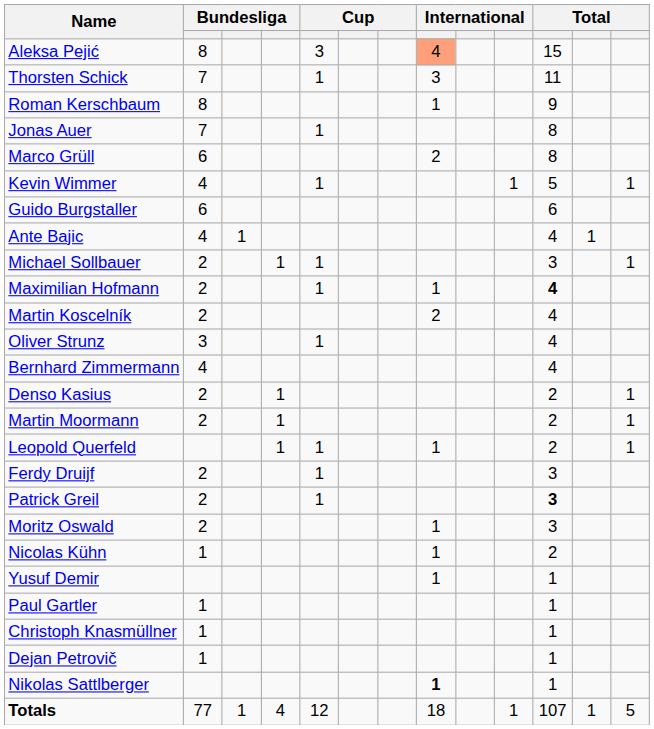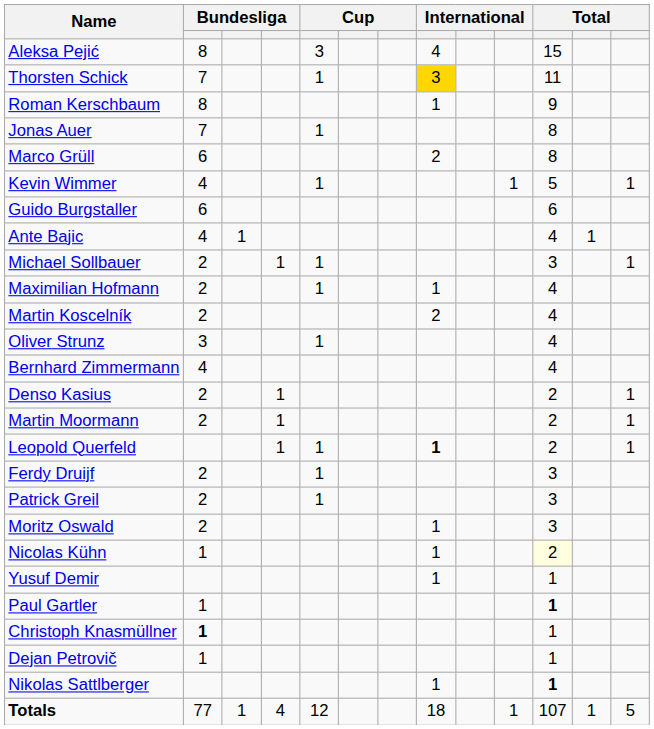 <table class="wikitable" style="text-align: center;">
 <tr>
 <th rowspan="2">Name</th>
 <th colspan="3">Bundesliga</th>
 <th colspan="3">Cup</th>
 <th colspan="3">International</th>
 <th colspan="3"><strong>Total</strong></th>
 </tr>
 <tr>
 <th width=30></th>
 <th width=30></th>
 <th width=30></th>
 <th width=30></th>
 <th width=30></th>
 <th width=30></th>
 <th width=30></th>
 <th width=30></th>
 <th width=30></th>
 <th width=30></th>
 <th width=30></th>
 <th width=30></th>
 </tr>
 <tr>
 <td align="left"> <a href='#'>Aleksa Pejić</a></td>
 <td>8</td>
 <td></td>
 <td></td>
 <td>3</td>
 <td></td>
 <td></td>
-<td style="background: lightsalmon;">4</td>
+<td>4</td>
 <td></td>
 <td></td>
 <td>15</td>
 <td></td>
 <td></td>
 </tr>
 <tr>
 <td align="left"> <a href='#'>Thorsten Schick</a></td>
 <td>7</td>
 <td></td>
 <td></td>
 <td>1</td>
 <td></td>
 <td></td>
-<td>3</td>
+<td style="background: gold;">3</td>
 <td></td>
 <td></td>
 <td>11</td>
 <td></td>
 <td></td>
 </tr>
 <tr>
 <td align="left"> <a href='#'>Roman Kerschbaum</a></td>
 <td>8</td>
 <td></td>
 <td></td>
 <td></td>
 <td></td>
 <td></td>
 <td>1</td>
 <td></td>
 <td></td>
 <td>9</td>
 <td></td>
 <td></td>
 </tr>
 <tr>
 <td align="left"> <a href='#'>Jonas Auer</a></td>
 <td>7</td>
 <td></td>
 <td></td>
 <td>1</td>
 <td></td>
 <td></td>
 <td></td>
 <td></td>
 <td></td>
 <td>8</td>
 <td></td>
 <td></td>
 </tr>
 <tr>
 <td align="left"> <a href='#'>Marco Grüll</a></td>
 <td>6</td>
 <td></td>
 <td></td>
 <td></td>
 <td></td>
 <td></td>
 <td>2</td>
 <td></td>
 <td></td>
 <td>8</td>
 <td></td>
 <td></td>
 </tr>
 <tr>
 <td align="left"> <a href='#'>Kevin Wimmer</a></td>
 <td>4</td>
 <td></td>
 <td></td>
 <td>1</td>
 <td></td>
 <td></td>
 <td></td>
 <td></td>
 <td>1</td>
 <td>5</td>
 <td></td>
 <td>1</td>
 </tr>
 <tr>
 <td align="left"> <a href='#'>Guido Burgstaller</a></td>
 <td>6</td>
 <td></td>
 <td></td>
 <td></td>
 <td></td>
 <td></td>
 <td></td>
 <td></td>
 <td></td>
 <td>6</td>
 <td></td>
 <td></td>
 </tr>
 <tr>
 <td align="left"> <a href='#'>Ante Bajic</a></td>
 <td>4</td>
 <td>1</td>
 <td></td>
 <td></td>
 <td></td>
 <td></td>
 <td></td>
 <td></td>
 <td></td>
 <td>4</td>
 <td>1</td>
 <td></td>
 </tr>
 <tr>
 <td align="left"> <a href='#'>Michael Sollbauer</a></td>
 <td>2</td>
 <td></td>
 <td>1</td>
 <td>1</td>
 <td></td>
 <td></td>
 <td></td>
 <td></td>
 <td></td>
 <td>3</td>
 <td></td>
 <td>1</td>
 </tr>
 <tr>
 <td align="left"> <a href='#'>Maximilian Hofmann</a></td>
 <td>2</td>
 <td></td>
 <td></td>
 <td>1</td>
 <td></td>
 <td></td>
 <td>1</td>
 <td></td>
 <td></td>
-<td><strong>4</strong></td>
+<td>4</td>
 <td></td>
 <td></td>
 </tr>
 <tr>
 <td align="left"> <a href='#'>Martin Koscelník</a></td>
 <td>2</td>
 <td></td>
 <td></td>
 <td></td>
 <td></td>
 <td></td>
 <td>2</td>
 <td></td>
 <td></td>
 <td>4</td>
 <td></td>
 <td></td>
 </tr>
 <tr>
 <td align="left"> <a href='#'>Oliver Strunz</a></td>
 <td>3</td>
 <td></td>
 <td></td>
 <td>1</td>
 <td></td>
 <td></td>
 <td></td>
 <td></td>
 <td></td>
 <td>4</td>
 <td></td>
 <td></td>
 </tr>
 <tr>
 <td align="left"> <a href='#'>Bernhard Zimmermann</a></td>
 <td>4</td>
 <td></td>
 <td></td>
 <td></td>
 <td></td>
 <td></td>
 <td></td>
 <td></td>
 <td></td>
 <td>4</td>
 <td></td>
 <td></td>
 </tr>
 <tr>
 <td align="left"> <a href='#'>Denso Kasius</a></td>
 <td>2</td>
 <td></td>
 <td>1</td>
 <td></td>
 <td></td>
 <td></td>
 <td></td>
 <td></td>
 <td></td>
 <td>2</td>
 <td></td>
 <td>1</td>
 </tr>
 <tr>
 <td align="left"> <a href='#'>Martin Moormann</a></td>
 <td>2</td>
 <td></td>
 <td>1</td>
 <td></td>
 <td></td>
 <td></td>
 <td></td>
 <td></td>
 <td></td>
 <td>2</td>
 <td></td>
 <td>1</td>
 </tr>
 <tr>
 <td align="left"> <a href='#'>Leopold Querfeld</a></td>
 <td></td>
 <td></td>
 <td>1</td>
 <td>1</td>
 <td></td>
 <td></td>
-<td>1</td>
+<td><strong>1</strong></td>
 <td></td>
 <td></td>
 <td>2</td>
 <td></td>
 <td>1</td>
 </tr>
 <tr>
 <td align="left"> <a href='#'>Ferdy Druijf</a></td>
 <td>2</td>
 <td></td>
 <td></td>
 <td>1</td>
 <td></td>
 <td></td>
 <td></td>
 <td></td>
 <td></td>
 <td>3</td>
 <td></td>
 <td></td>
 </tr>
 <tr>
 <td align="left"> <a href='#'>Patrick Greil</a></td>
 <td>2</td>
 <td></td>
 <td></td>
 <td>1</td>
 <td></td>
 <td></td>
 <td></td>
 <td></td>
 <td></td>
-<td><strong>3</strong></td>
+<td>3</td>
 <td></td>
 <td></td>
 </tr>
 <tr>
 <td align="left"> <a href='#'>Moritz Oswald</a></td>
 <td>2</td>
 <td></td>
 <td></td>
 <td></td>
 <td></td>
 <td></td>
 <td>1</td>
 <td></td>
 <td></td>
 <td>3</td>
 <td></td>
 <td></td>
 </tr>
 <tr>
 <td align="left"> <a href='#'>Nicolas Kühn</a></td>
 <td>1</td>
 <td></td>
 <td></td>
 <td></td>
 <td></td>
 <td></td>
 <td>1</td>
 <td></td>
 <td></td>
-<td>2</td>
+<td style="background: lightyellow;">2</td>
 <td></td>
 <td></td>
 </tr>
 <tr>
 <td align="left"> <a href='#'>Yusuf Demir</a></td>
 <td></td>
 <td></td>
 <td></td>
 <td></td>
 <td></td>
 <td></td>
 <td>1</td>
 <td></td>
 <td></td>
 <td>1</td>
 <td></td>
 <td></td>
 </tr>
 <tr>
 <td align="left"> <a href='#'>Paul Gartler</a></td>
 <td>1</td>
 <td></td>
 <td></td>
 <td></td>
 <td></td>
 <td></td>
 <td></td>
 <td></td>
 <td></td>
-<td>1</td>
+<td><strong>1</strong></td>
 <td></td>
 <td></td>
 </tr>
 <tr>
 <td align="left"> <a href='#'>Christoph Knasmüllner</a></td>
-<td>1</td>
+<td><strong>1</strong></td>
 <td></td>
 <td></td>
 <td></td>
 <td></td>
 <td></td>
 <td></td>
 <td></td>
 <td></td>
 <td>1</td>
 <td></td>
 <td></td>
 </tr>
 <tr>
 <td align="left"> <a href='#'>Dejan Petrovič</a></td>
 <td>1</td>
 <td></td>
 <td></td>
 <td></td>
 <td></td>
 <td></td>
 <td></td>
 <td></td>
 <td></td>
 <td>1</td>
 <td></td>
 <td></td>
 </tr>
 <tr>
 <td align="left"> <a href='#'>Nikolas Sattlberger</a></td>
 <td></td>
 <td></td>
 <td></td>
 <td></td>
 <td></td>
 <td></td>
-<td><strong>1</strong></td>
+<td>1</td>
 <td></td>
 <td></td>
-<td>1</td>
+<td><strong>1</strong></td>
 <td></td>
 <td></td>
 </tr>
 <tr class="sortbottom">
 <td align="left"><strong>Totals</strong></td>
 <td>77</td>
 <td>1</td>
 <td>4</td>
 <td>12</td>
 <td></td>
 <td></td>
 <td>18</td>
 <td></td>
 <td>1</td>
 <td>107</td>
 <td>1</td>
 <td>5</td>
 </tr>
 </table>
